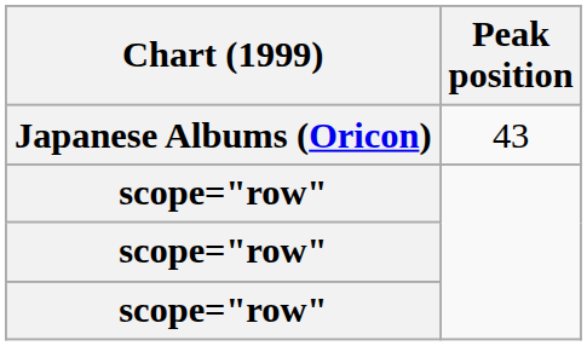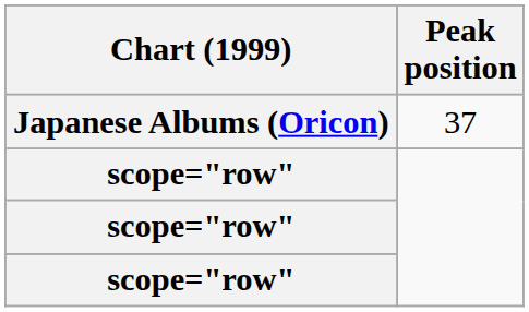 <table class="wikitable plainrowheaders sortable">
 <tr>
 <th>Chart (1999)</th>
 <th>Peak<br>position</th>
 </tr>
 <tr>
 <th scope="row">Japanese Albums (<a href='#'>Oricon</a>)</th>
-<td align="center">43</td>
+<td align="center">37</td>
 </tr>
 <tr>
 <th>scope="row" </th>
 </tr>
 <tr>
 <th>scope="row" </th>
 </tr>
 <tr>
 <th>scope="row" </th>
 </tr>
 </table>
